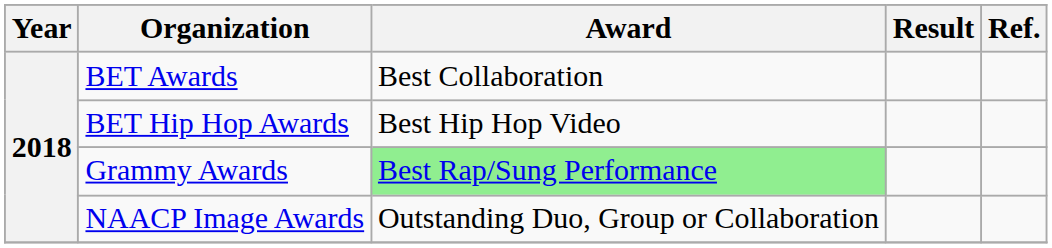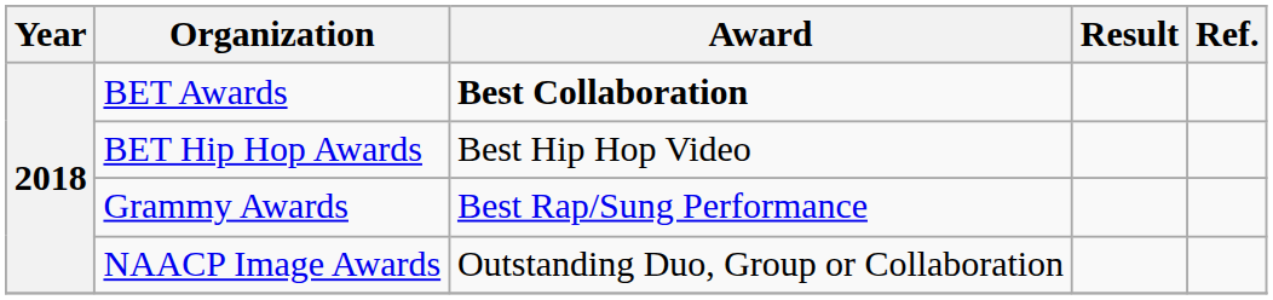 <table class="wikitable">
 <tr>
 <th>Year</th>
 <th>Organization</th>
 <th>Award</th>
 <th>Result</th>
 <th>Ref.</th>
 </tr>
 <tr>
 <th scope="row" rowspan="4">2018</th>
 <td><a href='#'>BET Awards</a></td>
-<td>Best Collaboration</td>
+<td><strong>Best Collaboration</strong></td>
 <td></td>
 <td style="text-align:center;"></td>
 </tr>
 <tr>
 <td><a href='#'>BET Hip Hop Awards</a></td>
 <td>Best Hip Hop Video</td>
 <td></td>
 <td style="text-align:center;"></td>
 </tr>
 <tr>
 <td><a href='#'>Grammy Awards</a></td>
-<td style="background: lightgreen;"><a href='#'>Best Rap/Sung Performance</a></td>
+<td><a href='#'>Best Rap/Sung Performance</a></td>
 <td></td>
 <td style="text-align:center;"></td>
 </tr>
 <tr>
 <td><a href='#'>NAACP Image Awards</a></td>
 <td>Outstanding Duo, Group or Collaboration</td>
 <td></td>
 <td style="text-align:center;"></td>
 </tr>
 <tr>
 </tr>
 </table>
